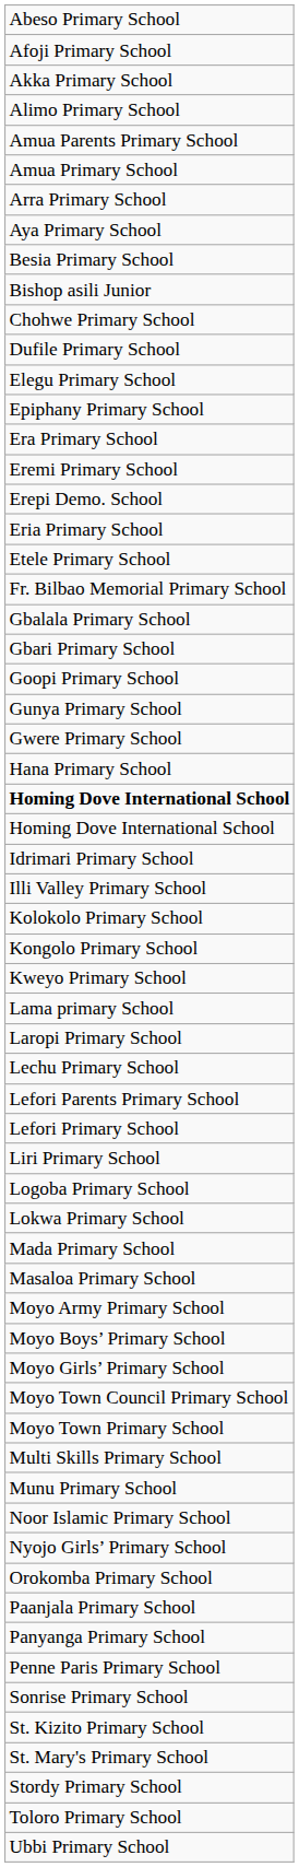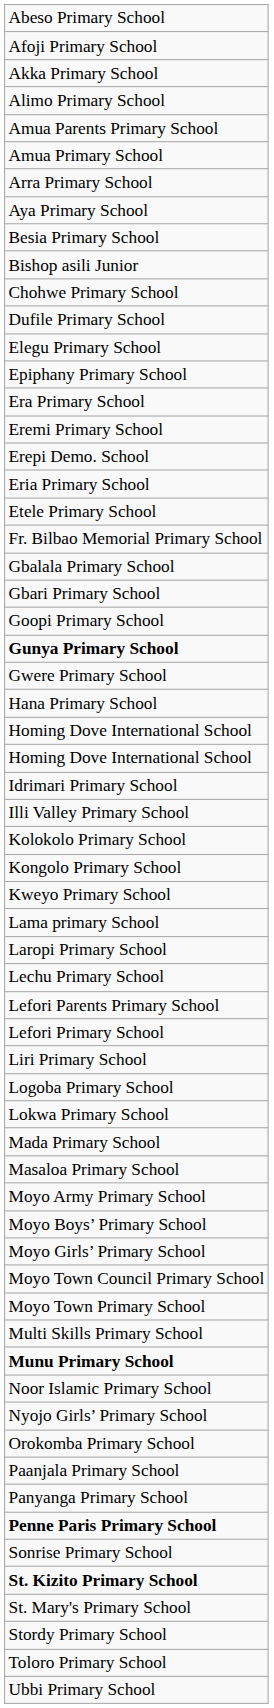 <table class="wikitable">
 <tr>
 <td>Abeso Primary School</td>
 </tr>
 <tr>
 <td>Afoji Primary School</td>
 </tr>
 <tr>
 <td>Akka Primary School</td>
 </tr>
 <tr>
 <td>Alimo Primary School</td>
 </tr>
 <tr>
 <td>Amua Parents Primary School</td>
 </tr>
 <tr>
 <td>Amua Primary School</td>
 </tr>
 <tr>
 <td>Arra Primary School</td>
 </tr>
 <tr>
 <td>Aya Primary School</td>
 </tr>
 <tr>
 <td>Besia Primary School</td>
 </tr>
 <tr>
 <td>Bishop asili Junior</td>
 </tr>
 <tr>
 <td>Chohwe Primary School</td>
 </tr>
 <tr>
 <td>Dufile Primary School</td>
 </tr>
 <tr>
 <td>Elegu Primary School</td>
 </tr>
 <tr>
 <td>Epiphany Primary School</td>
 </tr>
 <tr>
 <td>Era Primary School</td>
 </tr>
 <tr>
 <td>Eremi Primary School</td>
 </tr>
 <tr>
 <td>Erepi Demo. School</td>
 </tr>
 <tr>
 <td>Eria Primary School</td>
 </tr>
 <tr>
 <td>Etele Primary School</td>
 </tr>
 <tr>
 <td>Fr. Bilbao Memorial Primary School</td>
 </tr>
 <tr>
 <td>Gbalala Primary School</td>
 </tr>
 <tr>
 <td>Gbari Primary School</td>
 </tr>
 <tr>
 <td>Goopi Primary School</td>
 </tr>
 <tr>
-<td>Gunya Primary School</td>
+<td><strong>Gunya Primary School</strong></td>
 </tr>
 <tr>
 <td>Gwere Primary School</td>
 </tr>
 <tr>
 <td>Hana Primary School</td>
 </tr>
 <tr>
-<td><strong>Homing Dove International School</strong></td>
+<td>Homing Dove International School</td>
 </tr>
 <tr>
 <td>Homing Dove International School</td>
 </tr>
 <tr>
 <td>Idrimari Primary School</td>
 </tr>
 <tr>
 <td>Illi Valley Primary School</td>
 </tr>
 <tr>
 <td>Kolokolo Primary School</td>
 </tr>
 <tr>
 <td>Kongolo Primary School</td>
 </tr>
 <tr>
 <td>Kweyo Primary School</td>
 </tr>
 <tr>
 <td>Lama primary School</td>
 </tr>
 <tr>
 <td>Laropi Primary School</td>
 </tr>
 <tr>
 <td>Lechu Primary School</td>
 </tr>
 <tr>
 <td>Lefori Parents Primary School</td>
 </tr>
 <tr>
 <td>Lefori Primary School</td>
 </tr>
 <tr>
 <td>Liri Primary School</td>
 </tr>
 <tr>
 <td>Logoba Primary School</td>
 </tr>
 <tr>
 <td>Lokwa Primary School</td>
 </tr>
 <tr>
 <td>Mada Primary School</td>
 </tr>
 <tr>
 <td>Masaloa Primary School</td>
 </tr>
 <tr>
 <td>Moyo Army Primary School</td>
 </tr>
 <tr>
 <td>Moyo Boys’ Primary School</td>
 </tr>
 <tr>
 <td>Moyo Girls’ Primary School</td>
 </tr>
 <tr>
 <td>Moyo Town Council Primary School</td>
 </tr>
 <tr>
 <td>Moyo Town Primary School</td>
 </tr>
 <tr>
 <td>Multi Skills Primary School</td>
 </tr>
 <tr>
-<td>Munu Primary School</td>
+<td><strong>Munu Primary School</strong></td>
 </tr>
 <tr>
 <td>Noor Islamic Primary School</td>
 </tr>
 <tr>
 <td>Nyojo Girls’ Primary School</td>
 </tr>
 <tr>
 <td>Orokomba Primary School</td>
 </tr>
 <tr>
 <td>Paanjala Primary School</td>
 </tr>
 <tr>
 <td>Panyanga Primary School</td>
 </tr>
 <tr>
-<td>Penne Paris Primary School</td>
+<td><strong>Penne Paris Primary School</strong></td>
 </tr>
 <tr>
 <td>Sonrise Primary School</td>
 </tr>
 <tr>
-<td>St. Kizito Primary School</td>
+<td><strong>St. Kizito Primary School</strong></td>
 </tr>
 <tr>
 <td>St. Mary's Primary School</td>
 </tr>
 <tr>
 <td>Stordy Primary School</td>
 </tr>
 <tr>
 <td>Toloro Primary School</td>
 </tr>
 <tr>
 <td>Ubbi Primary School</td>
 </tr>
 </table>
